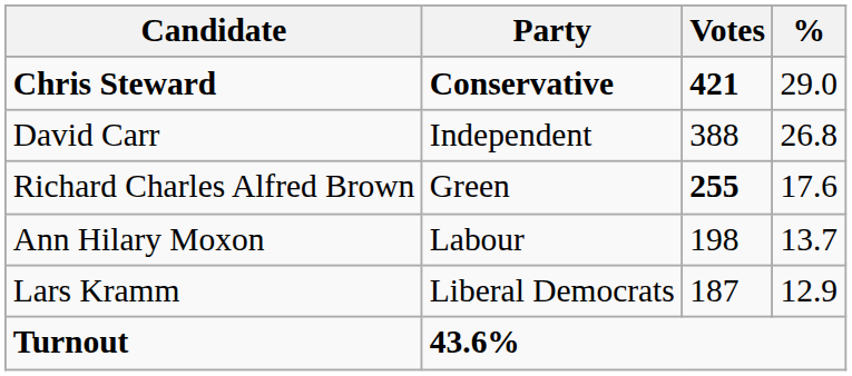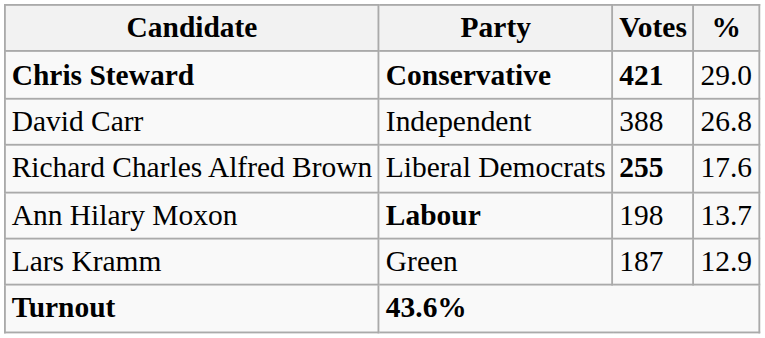 <table class="wikitable">
 <tr>
 <th>Candidate</th>
 <th>Party</th>
 <th>Votes</th>
 <th><strong>%</strong></th>
 </tr>
 <tr>
 <td><strong>Chris Steward</strong></td>
 <td><strong>Conservative</strong></td>
 <td><strong>421</strong></td>
 <td>29.0</td>
 </tr>
 <tr>
 <td>David Carr</td>
 <td>Independent</td>
 <td>388</td>
 <td>26.8</td>
 </tr>
 <tr>
 <td>Richard Charles Alfred Brown</td>
-<td>Green</td>
+<td>Liberal Democrats</td>
 <td><strong>255</strong></td>
 <td>17.6</td>
 </tr>
 <tr>
 <td>Ann Hilary Moxon</td>
-<td>Labour</td>
+<td><strong>Labour</strong></td>
 <td>198</td>
 <td>13.7</td>
 </tr>
 <tr>
 <td>Lars Kramm</td>
-<td>Liberal Democrats</td>
+<td>Green</td>
 <td>187</td>
 <td>12.9</td>
 </tr>
 <tr>
 <td><strong>Turnout</strong></td>
 <td colspan="3"><strong>43.6%</strong></td>
 </tr>
 </table>
